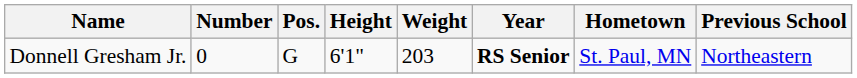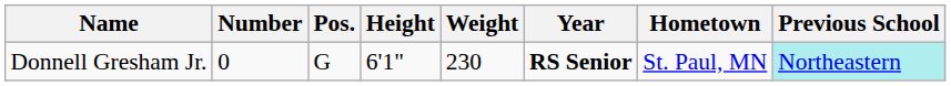 <table class="wikitable sortable" border="1">
 <tr>
 <th>Name</th>
 <th>Number</th>
 <th>Pos.</th>
 <th>Height</th>
 <th>Weight</th>
 <th>Year</th>
 <th>Hometown</th>
 <th class="unsortable">Previous School</th>
 </tr>
 <tr>
 <td>Donnell Gresham Jr.</td>
 <td>0</td>
 <td>G</td>
 <td>6'1"</td>
-<td>203</td>
+<td>230</td>
 <td><strong>RS Senior</strong></td>
 <td><a href='#'>St. Paul, MN</a></td>
-<td><a href='#'>Northeastern</a></td>
+<td style="background: paleturquoise;"><a href='#'>Northeastern</a></td>
 </tr>
 </table>
